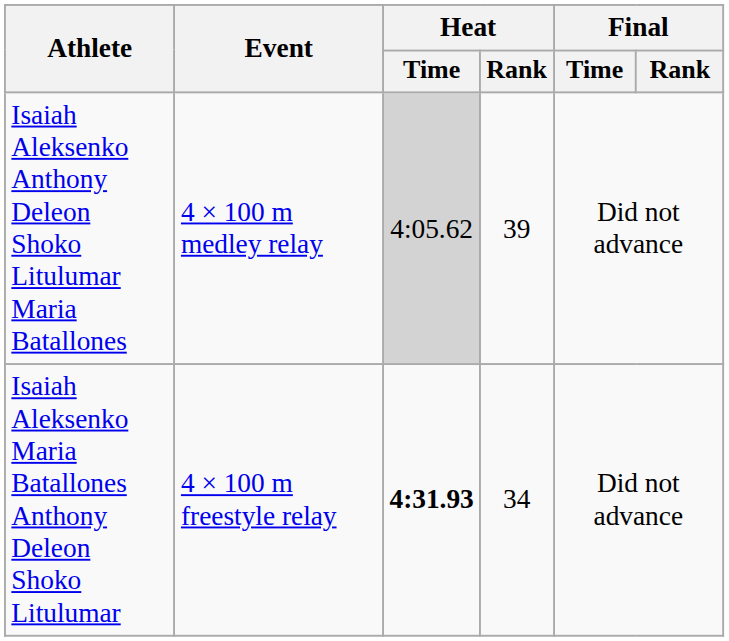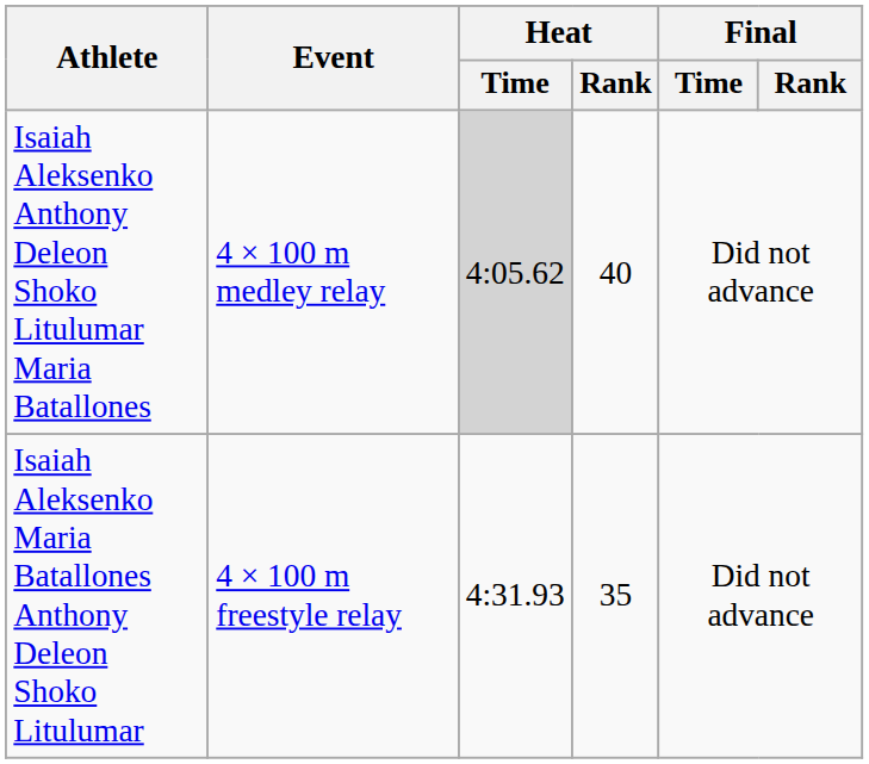 <table class="wikitable" style="text-align:center; font-size:90%; width:30%;">
 <tr>
 <th rowspan="2">Athlete</th>
 <th rowspan="2">Event</th>
 <th colspan="2">Heat</th>
 <th colspan="2">Final</th>
 </tr>
 <tr style="font-size:95%">
 <th>Time</th>
 <th>Rank</th>
 <th>Time</th>
 <th>Rank</th>
 </tr>
 <tr>
 <td align=left><a href='#'>Isaiah Aleksenko</a><br><a href='#'>Anthony Deleon</a><br><a href='#'>Shoko Litulumar</a> <br><a href='#'>Maria Batallones</a></td>
 <td align=left><a href='#'>4 × 100 m medley relay</a></td>
 <td style="background: lightgrey;">4:05.62</td>
-<td>39</td>
+<td>40</td>
 <td colspan=2>Did not advance</td>
 </tr>
 <tr>
 <td align=left><a href='#'>Isaiah Aleksenko</a>  <br><a href='#'>Maria Batallones</a> <br><a href='#'>Anthony Deleon</a>  <br><a href='#'>Shoko Litulumar</a></td>
 <td align=left><a href='#'>4 × 100 m freestyle relay</a></td>
-<td><strong>4:31.93</strong></td>
-<td>34</td>
+<td>4:31.93</td>
+<td>35</td>
 <td colspan="2">Did not advance</td>
 </tr>
 </table>
